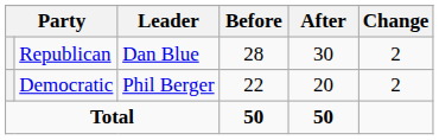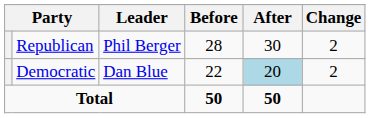 <table class="wikitable" style="text-align:center;">
 <tr>
 </tr>
 <tr>
 <th colspan=2>Party</th>
 <th>Leader</th>
 <th style="width:3em">Before</th>
 <th style="width:3em">After</th>
 <th style="width:3em">Change</th>
 </tr>
 <tr>
 <th style="background-color:"></th>
 <td style="text-align:left;"><a href='#'>Republican</a></td>
-<td style="text-align:left;"><a href='#'>Dan Blue</a></td>
+<td style="text-align:left;"><a href='#'>Phil Berger</a></td>
 <td>28</td>
 <td>30</td>
 <td> 2</td>
 </tr>
 <tr>
 <th style="background-color:"></th>
 <td style="text-align:left;"><a href='#'>Democratic</a></td>
-<td style="text-align:left;"><a href='#'>Phil Berger</a></td>
+<td style="text-align:left;"><a href='#'>Dan Blue</a></td>
 <td>22</td>
-<td>20</td>
+<td style="background: lightblue;">20</td>
 <td> 2</td>
 </tr>
 <tr>
 <td colspan=3><strong>Total</strong></td>
 <td><strong>50</strong></td>
 <td><strong>50</strong></td>
 <td></td>
 </tr>
 </table>
